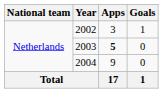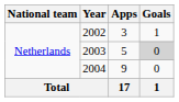 <table class="wikitable" style="text-align:center">
 <tr>
 <th>National team</th>
 <th>Year</th>
 <th>Apps</th>
 <th>Goals</th>
 </tr>
 <tr>
 <td rowspan="3"><a href='#'>Netherlands</a></td>
 <td>2002</td>
 <td>3</td>
 <td>1</td>
 </tr>
 <tr>
 <td>2003</td>
-<td><strong>5</strong></td>
-<td>0</td>
+<td>5</td>
+<td style="background: lightgrey;">0</td>
 </tr>
 <tr>
 <td>2004</td>
 <td>9</td>
 <td>0</td>
 </tr>
 <tr>
 <th colspan="2">Total</th>
 <th>17</th>
 <th>1</th>
 </tr>
 </table>
